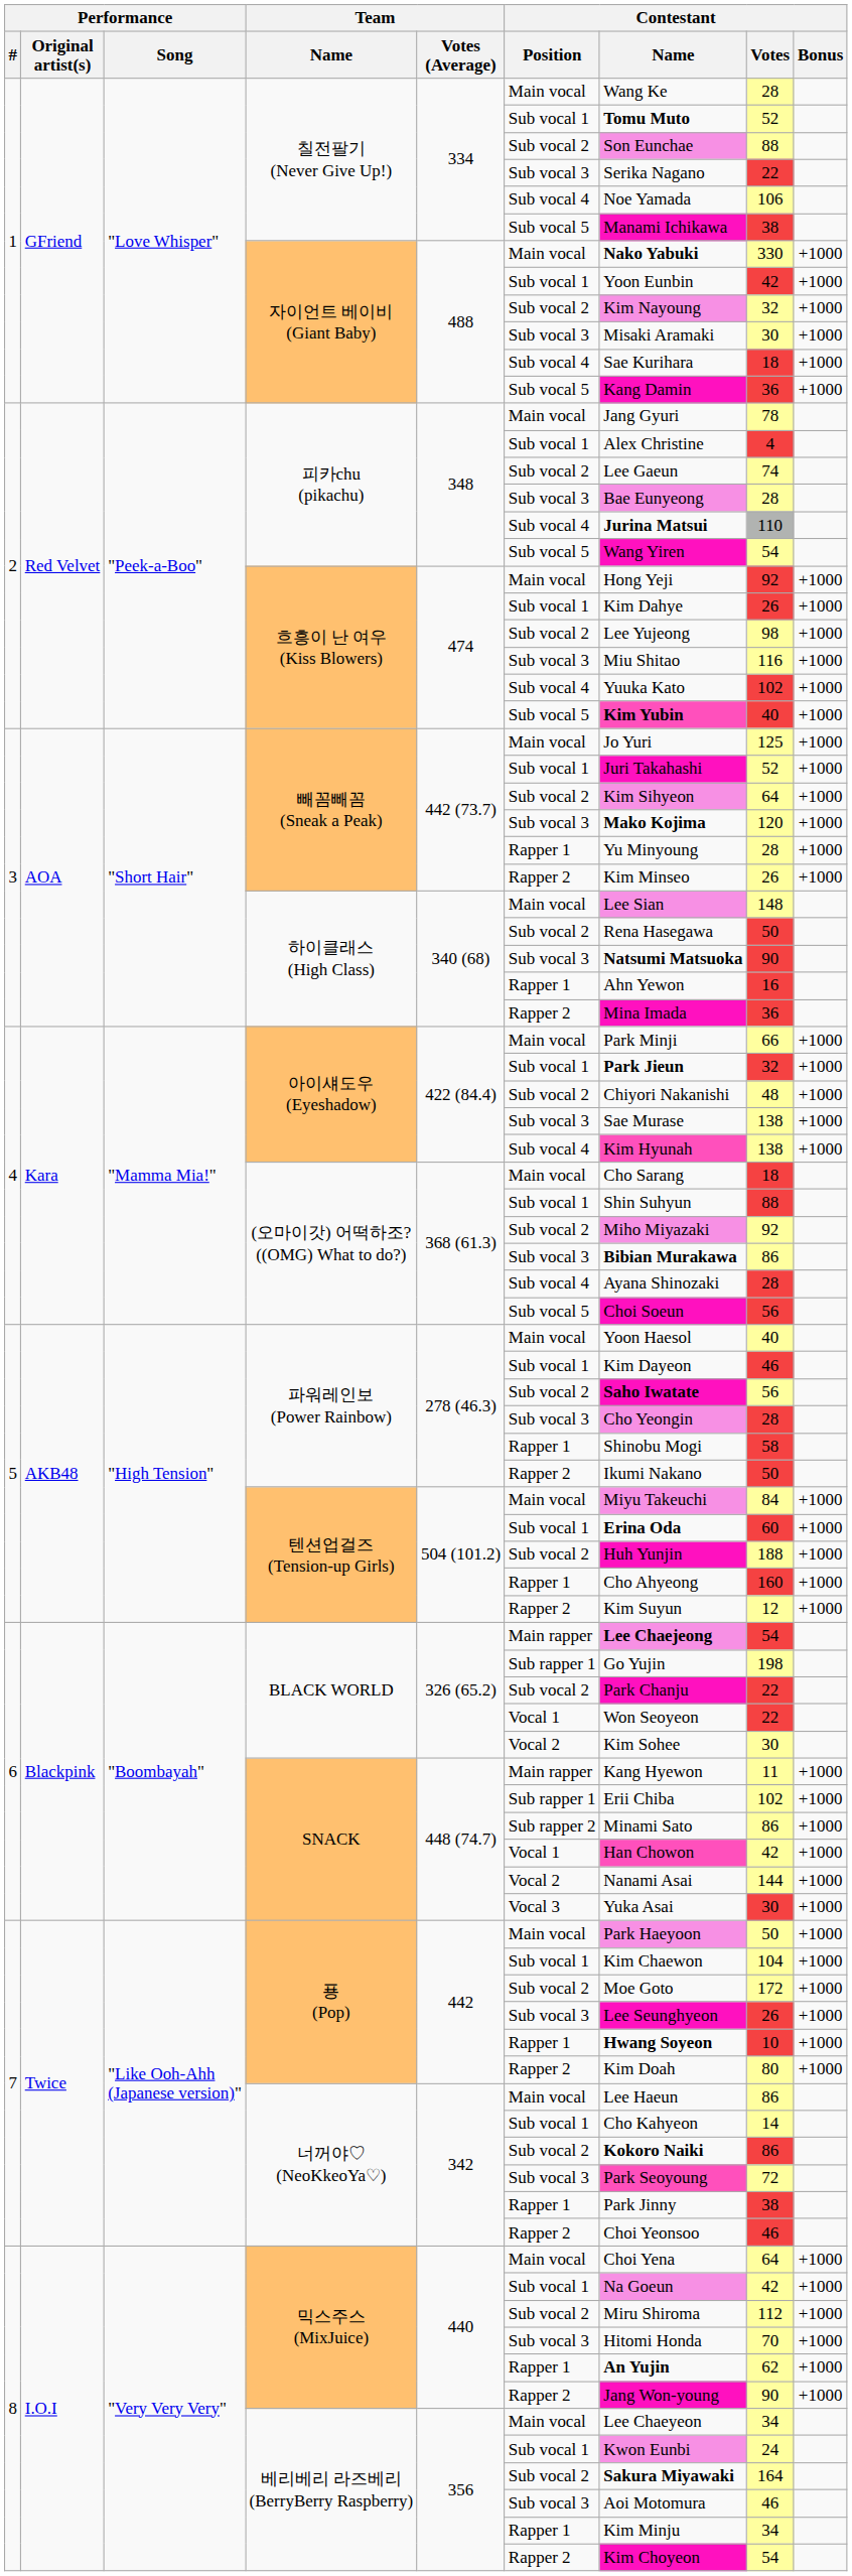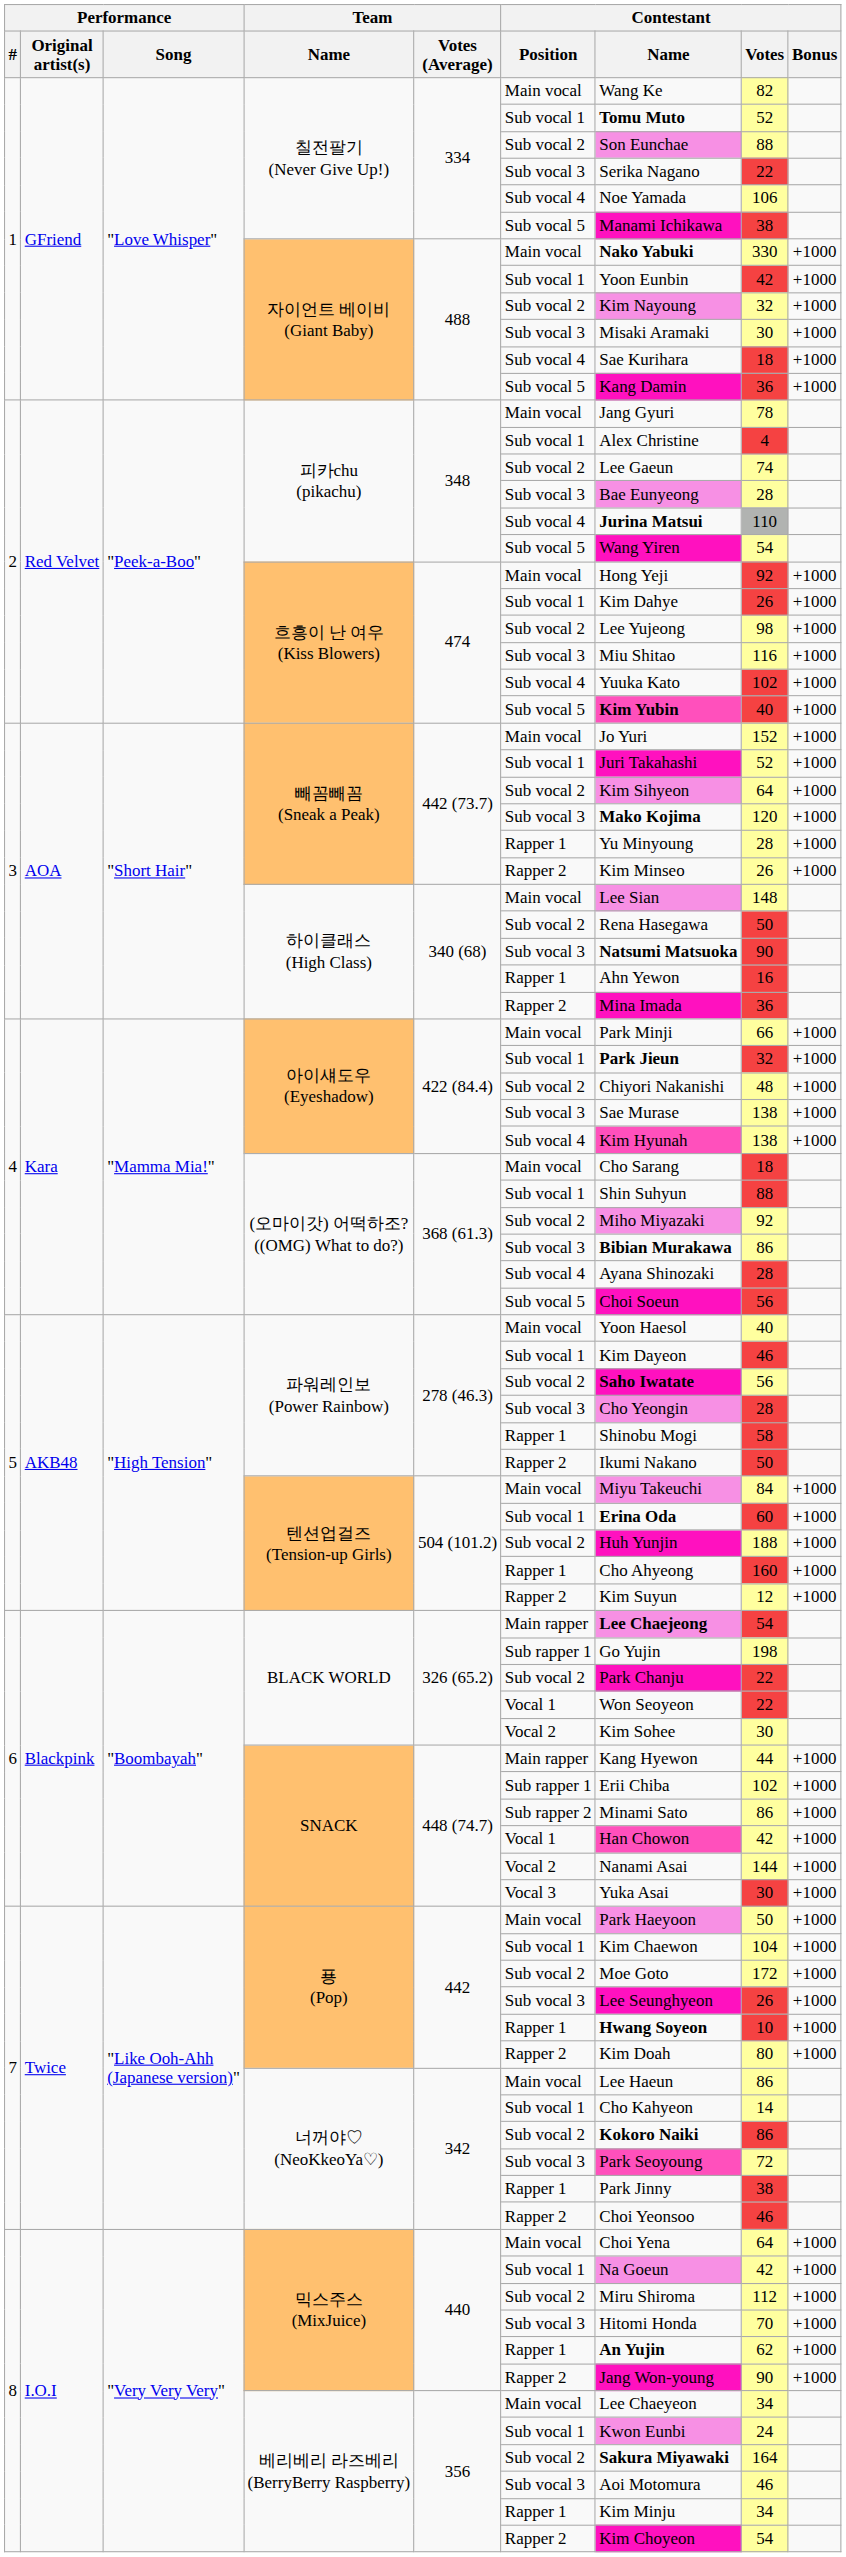 <table class="wikitable sortable" style="text-align:center;">
 <tr>
 <th colspan=3>Performance</th>
 <th colspan=2>Team</th>
 <th colspan=5>Contestant</th>
 </tr>
 <tr>
 <th>#</th>
 <th class=unsortable>Original<br>artist(s)</th>
 <th class=unsortable>Song</th>
 <th class=unsortable>Name</th>
 <th>Votes<br>(Average)</th>
 <th>Position</th>
 <th>Name</th>
 <th>Votes</th>
 <th>Bonus</th>
 </tr>
 <tr>
 <td rowspan=12>1</td>
 <td rowspan=12 align=left><a href='#'>GFriend</a></td>
 <td rowspan=12 align=left>"<a href='#'>Love Whisper</a>"</td>
 <td rowspan=6>칠전팔기<br>(Never Give Up!)</td>
 <td rowspan=6>334</td>
 <td align=left>Main vocal</td>
 <td align=left>Wang Ke</td>
-<td style="background:#FFFF9F">28</td>
+<td style="background:#FFFF9F">82</td>
 <td> </td>
 </tr>
 <tr>
 <td align=left>Sub vocal 1</td>
 <td align=left><strong>Tomu Muto</strong></td>
 <td style="background:#FFFF9F">52</td>
 <td> </td>
 </tr>
 <tr>
 <td align=left>Sub vocal 2</td>
 <td align=left style=background:#F790E4;>Son Eunchae</td>
 <td style="background:#FFFF9F">88</td>
 <td> </td>
 </tr>
 <tr>
 <td align=left>Sub vocal 3</td>
 <td align=left>Serika Nagano</td>
 <td style="background:#F54242">22</td>
 <td> </td>
 </tr>
 <tr>
 <td align=left>Sub vocal 4</td>
 <td align=left>Noe Yamada</td>
 <td style="background:#FFFF9F">106</td>
 <td> </td>
 </tr>
 <tr>
 <td align=left>Sub vocal 5</td>
 <td align=left style=background:#FF11BF;>Manami Ichikawa</td>
 <td style="background:#F54242">38</td>
 <td> </td>
 </tr>
 <tr>
 <td rowspan=6 style=background:#FFC06F;>자이언트 베이비<br>(Giant Baby)</td>
 <td rowspan=6>488</td>
 <td align=left>Main vocal</td>
 <td align=left><strong>Nako Yabuki</strong></td>
 <td style="background:#FFFF9F">330</td>
 <td>+1000</td>
 </tr>
 <tr>
 <td align=left>Sub vocal 1</td>
 <td align=left>Yoon Eunbin</td>
 <td style="background:#F54242">42</td>
 <td>+1000</td>
 </tr>
 <tr>
 <td align=left>Sub vocal 2</td>
 <td align=left style=background:#F790E4;>Kim Nayoung</td>
 <td style="background:#FFFF9F">32</td>
 <td>+1000</td>
 </tr>
 <tr>
 <td align=left>Sub vocal 3</td>
 <td align=left>Misaki Aramaki</td>
 <td style="background:#FFFF9F">30</td>
 <td>+1000</td>
 </tr>
 <tr>
 <td align=left>Sub vocal 4</td>
 <td align=left>Sae Kurihara</td>
 <td style="background:#F54242">18</td>
 <td>+1000</td>
 </tr>
 <tr>
 <td align=left>Sub vocal 5</td>
 <td align=left style=background:#FF11BF;>Kang Damin</td>
 <td style="background:#F54242">36</td>
 <td>+1000</td>
 </tr>
 <tr>
 <td rowspan=12>2</td>
 <td rowspan=12 align=left><a href='#'>Red Velvet</a></td>
 <td rowspan=12 align=left>"<a href='#'>Peek-a-Boo</a>"</td>
 <td rowspan=6>피카chu<br>(pikachu)</td>
 <td rowspan=6>348</td>
 <td align=left>Main vocal</td>
 <td align=left>Jang Gyuri</td>
 <td style="background:#FFFF9F">78</td>
 <td> </td>
 </tr>
 <tr>
 <td align=left>Sub vocal 1</td>
 <td align=left>Alex Christine</td>
 <td style="background:#F54242">4</td>
 <td> </td>
 </tr>
 <tr>
 <td align=left>Sub vocal 2</td>
 <td align=left>Lee Gaeun</td>
 <td style="background:#FFFF9F">74</td>
 <td> </td>
 </tr>
 <tr>
 <td align=left>Sub vocal 3</td>
 <td align=left style=background:#F790E4;>Bae Eunyeong</td>
 <td style="background:#FFFF9F">28</td>
 <td> </td>
 </tr>
 <tr>
 <td align=left>Sub vocal 4</td>
 <td align=left><strong>Jurina Matsui</strong></td>
 <td style="background:#B1B3B1">110</td>
 <td> </td>
 </tr>
 <tr>
 <td align=left>Sub vocal 5</td>
 <td align=left style=background:#FF11BF;>Wang Yiren</td>
 <td style="background:#FFFF9F">54</td>
 <td> </td>
 </tr>
 <tr>
 <td rowspan=6 style=background:#FFC06F;>흐흥이 난 여우<br>(Kiss Blowers)</td>
 <td rowspan=6>474</td>
 <td align=left>Main vocal</td>
 <td align=left>Hong Yeji</td>
 <td style="background:#F54242">92</td>
 <td>+1000</td>
 </tr>
 <tr>
 <td align=left>Sub vocal 1</td>
 <td align=left>Kim Dahye</td>
 <td style="background:#F54242">26</td>
 <td>+1000</td>
 </tr>
 <tr>
 <td align=left>Sub vocal 2</td>
 <td align=left>Lee Yujeong</td>
 <td style="background:#FFFF9F">98</td>
 <td>+1000</td>
 </tr>
 <tr>
 <td align=left>Sub vocal 3</td>
 <td align=left>Miu Shitao</td>
 <td style="background:#FFFF9F">116</td>
 <td>+1000</td>
 </tr>
 <tr>
 <td align=left>Sub vocal 4</td>
 <td align=left>Yuuka Kato</td>
 <td style="background:#F54242">102</td>
 <td>+1000</td>
 </tr>
 <tr>
 <td align=left>Sub vocal 5</td>
 <td align=left style=background:#FF50BC;><strong>Kim Yubin</strong></td>
 <td style="background:#F54242">40</td>
 <td>+1000</td>
 </tr>
 <tr>
 <td rowspan=11>3</td>
 <td rowspan=11 align=left><a href='#'>AOA</a></td>
 <td rowspan=11 align=left>"<a href='#'>Short Hair</a>"</td>
 <td rowspan=6 style=background:#FFC06F;>빼꼼빼꼼<br>(Sneak a Peak)</td>
 <td rowspan=6>442 (73.7)</td>
 <td align=left>Main vocal</td>
 <td align=left>Jo Yuri</td>
-<td style="background:#FFFF9F">125</td>
+<td style="background:#FFFF9F">152</td>
 <td>+1000</td>
 </tr>
 <tr>
 <td align=left>Sub vocal 1</td>
 <td align=left style=background:#FF11BF;>Juri Takahashi</td>
 <td style="background:#FFFF9F">52</td>
 <td>+1000</td>
 </tr>
 <tr>
 <td align=left>Sub vocal 2</td>
 <td align=left style=background:#F790E4;>Kim Sihyeon</td>
 <td style="background:#FFFF9F">64</td>
 <td>+1000</td>
 </tr>
 <tr>
 <td align=left>Sub vocal 3</td>
 <td align=left><strong>Mako Kojima</strong></td>
 <td style="background:#FFFF9F">120</td>
 <td>+1000</td>
 </tr>
 <tr>
 <td align=left>Rapper 1</td>
 <td align=left>Yu Minyoung</td>
 <td style="background:#FFFF9F">28</td>
 <td>+1000</td>
 </tr>
 <tr>
 <td align=left>Rapper 2</td>
 <td align=left>Kim Minseo</td>
 <td style="background:#FFFF9F">26</td>
 <td>+1000</td>
 </tr>
 <tr>
 <td rowspan=5>하이클래스<br>(High Class)</td>
 <td rowspan=5>340 (68)</td>
 <td align=left>Main vocal</td>
 <td align=left style=background:#F790E4;>Lee Sian</td>
 <td style="background:#FFFF9F">148</td>
 <td> </td>
 </tr>
 <tr>
 <td align=left>Sub vocal 2</td>
 <td align=left>Rena Hasegawa</td>
 <td style="background:#F54242">50</td>
 <td> </td>
 </tr>
 <tr>
 <td align=left>Sub vocal 3</td>
 <td align=left><strong>Natsumi Matsuoka</strong></td>
 <td style="background:#F54242">90</td>
 <td> </td>
 </tr>
 <tr>
 <td align=left>Rapper 1</td>
 <td align=left>Ahn Yewon</td>
 <td style="background:#F54242">16</td>
 <td> </td>
 </tr>
 <tr>
 <td align=left>Rapper 2</td>
 <td align=left style=background:#FF11BF;>Mina Imada</td>
 <td style="background:#F54242">36</td>
 <td> </td>
 </tr>
 <tr>
 <td rowspan=11>4</td>
 <td rowspan=11 align=left><a href='#'>Kara</a></td>
 <td rowspan=11 align=left>"<a href='#'>Mamma Mia!</a>"</td>
 <td rowspan=5 style=background:#FFC06F;>아이섀도우<br>(Eyeshadow)</td>
 <td rowspan=5>422 (84.4)</td>
 <td align=left>Main vocal</td>
 <td align=left>Park Minji</td>
 <td style="background:#FFFF9F">66</td>
 <td>+1000</td>
 </tr>
 <tr>
 <td align=left>Sub vocal 1</td>
 <td align=left><strong>Park Jieun</strong></td>
 <td style="background:#F54242">32</td>
 <td>+1000</td>
 </tr>
 <tr>
 <td align=left>Sub vocal 2</td>
 <td align=left>Chiyori Nakanishi</td>
 <td style="background:#FFFF9F">48</td>
 <td>+1000</td>
 </tr>
 <tr>
 <td align=left>Sub vocal 3</td>
 <td align=left>Sae Murase</td>
 <td style="background:#FFFF9F">138</td>
 <td>+1000</td>
 </tr>
 <tr>
 <td align=left>Sub vocal 4</td>
 <td align=left style=background:#FF50BC;>Kim Hyunah</td>
 <td style="background:#FFFF9F">138</td>
 <td>+1000</td>
 </tr>
 <tr>
 <td rowspan=6>(오마이갓) 어떡하조?<br>((OMG) What to do?)</td>
 <td rowspan=6>368 (61.3)</td>
 <td align=left>Main vocal</td>
 <td align=left>Cho Sarang</td>
 <td style="background:#F54242">18</td>
 <td> </td>
 </tr>
 <tr>
 <td align=left>Sub vocal 1</td>
 <td align=left>Shin Suhyun</td>
 <td style="background:#F54242">88</td>
 <td> </td>
 </tr>
 <tr>
 <td align=left>Sub vocal 2</td>
 <td align=left style=background:#F790E4;>Miho Miyazaki</td>
 <td style="background:#FFFF9F">92</td>
 <td> </td>
 </tr>
 <tr>
 <td align=left>Sub vocal 3</td>
 <td align=left><strong>Bibian Murakawa</strong></td>
 <td style="background:#FFFF9F">86</td>
 <td> </td>
 </tr>
 <tr>
 <td align=left>Sub vocal 4</td>
 <td align=left>Ayana Shinozaki</td>
 <td style="background:#F54242">28</td>
 <td> </td>
 </tr>
 <tr>
 <td align=left>Sub vocal 5</td>
 <td align=left style=background:#FF11BF;>Choi Soeun</td>
 <td style="background:#F54242">56</td>
 <td> </td>
 </tr>
 <tr>
 <td rowspan=11>5</td>
 <td rowspan=11 align=left><a href='#'>AKB48</a></td>
 <td rowspan=11 align=left>"<a href='#'>High Tension</a>"</td>
 <td rowspan=6>파워레인보<br>(Power Rainbow)</td>
 <td rowspan=6>278 (46.3)</td>
 <td align=left>Main vocal</td>
 <td align=left>Yoon Haesol</td>
 <td style="background:#FFFF9F">40</td>
 <td> </td>
 </tr>
 <tr>
 <td align=left>Sub vocal 1</td>
 <td align=left>Kim Dayeon</td>
 <td style="background:#F54242">46</td>
 <td> </td>
 </tr>
 <tr>
 <td align=left>Sub vocal 2</td>
 <td align=left style=background:#FF11BF;><strong>Saho Iwatate</strong></td>
 <td style="background:#FFFF9F">56</td>
 <td> </td>
 </tr>
 <tr>
 <td align=left>Sub vocal 3</td>
 <td align=left style=background:#F790E4;>Cho Yeongin</td>
 <td style="background:#F54242">28</td>
 <td> </td>
 </tr>
 <tr>
 <td align=left>Rapper 1</td>
 <td align=left>Shinobu Mogi</td>
 <td style="background:#F54242">58</td>
 <td> </td>
 </tr>
 <tr>
 <td align=left>Rapper 2</td>
 <td align=left>Ikumi Nakano</td>
 <td style="background:#F54242">50</td>
 <td> </td>
 </tr>
 <tr>
 <td rowspan=5 style=background:#FFC06F;>텐션업걸즈<br>(Tension-up Girls)</td>
 <td rowspan=5>504 (101.2)</td>
 <td align=left>Main vocal</td>
 <td align=left style=background:#F790E4;>Miyu Takeuchi</td>
 <td style="background:#FFFF9F">84</td>
 <td>+1000</td>
 </tr>
 <tr>
 <td align=left>Sub vocal 1</td>
 <td align=left><strong>Erina Oda</strong></td>
 <td style="background:#F54242">60</td>
 <td>+1000</td>
 </tr>
 <tr>
 <td align=left>Sub vocal 2</td>
 <td align=left style=background:#FF11BF;>Huh Yunjin</td>
 <td style="background:#FFFF9F">188</td>
 <td>+1000</td>
 </tr>
 <tr>
 <td align=left>Rapper 1</td>
 <td align=left>Cho Ahyeong</td>
 <td style="background:#F54242">160</td>
 <td>+1000</td>
 </tr>
 <tr>
 <td align=left>Rapper 2</td>
 <td align=left>Kim Suyun</td>
 <td style="background:#FFFF9F">12</td>
 <td>+1000</td>
 </tr>
 <tr>
 <td rowspan=11>6</td>
 <td rowspan=11 align=left><a href='#'>Blackpink</a></td>
 <td rowspan=11 align=left>"<a href='#'>Boombayah</a>"</td>
 <td rowspan=5>BLACK WORLD</td>
 <td rowspan=5>326 (65.2)</td>
 <td align=left>Main rapper</td>
 <td align=left style=background:#F790E4;><strong>Lee Chaejeong</strong></td>
 <td style="background:#F54242">54</td>
 <td> </td>
 </tr>
 <tr>
 <td align=left>Sub rapper 1</td>
 <td align=left>Go Yujin</td>
 <td style="background:#FFFF9F">198</td>
 <td> </td>
 </tr>
 <tr>
 <td align=left>Sub vocal 2</td>
 <td align=left style=background:#FF11BF;>Park Chanju</td>
 <td style="background:#F54242">22</td>
 <td> </td>
 </tr>
 <tr>
 <td align=left>Vocal 1</td>
 <td align=left>Won Seoyeon</td>
 <td style="background:#F54242">22</td>
 <td> </td>
 </tr>
 <tr>
 <td align=left>Vocal 2</td>
 <td align=left>Kim Sohee</td>
 <td style="background:#FFFF9F">30</td>
 <td> </td>
 </tr>
 <tr>
 <td rowspan=6 style=background:#FFC06F;>SNACK</td>
 <td rowspan=6>448 (74.7)</td>
 <td align=left>Main rapper</td>
 <td align=left>Kang Hyewon</td>
-<td style="background:#FFFF9F">11</td>
+<td style="background:#FFFF9F">44</td>
 <td>+1000</td>
 </tr>
 <tr>
 <td align=left>Sub rapper 1</td>
 <td align=left>Erii Chiba</td>
 <td style="background:#FFFF9F">102</td>
 <td>+1000</td>
 </tr>
 <tr>
 <td align=left>Sub rapper 2</td>
 <td align=left>Minami Sato</td>
 <td style="background:#FFFF9F">86</td>
 <td>+1000</td>
 </tr>
 <tr>
 <td align=left>Vocal 1</td>
 <td align=left style=background:#FF50BC;>Han Chowon</td>
 <td style="background:#FFFF9F">42</td>
 <td>+1000</td>
 </tr>
 <tr>
 <td align=left>Vocal 2</td>
 <td align=left>Nanami Asai</td>
 <td style="background:#FFFF9F">144</td>
 <td>+1000</td>
 </tr>
 <tr>
 <td align=left>Vocal 3</td>
 <td align=left>Yuka Asai</td>
 <td style="background:#F54242">30</td>
 <td>+1000</td>
 </tr>
 <tr>
 <td rowspan=12>7</td>
 <td rowspan=12 align=left><a href='#'>Twice</a></td>
 <td rowspan=12 align=left>"<a href='#'>Like Ooh-Ahh<br>(Japanese version)</a>"</td>
 <td rowspan=6 style=background:#FFC06F;>푱<br>(Pop)</td>
 <td rowspan=6>442</td>
 <td align=left>Main vocal</td>
 <td align=left style=background:#F790E4;>Park Haeyoon</td>
 <td style="background:#FFFF9F">50</td>
 <td>+1000</td>
 </tr>
 <tr>
 <td align=left>Sub vocal 1</td>
 <td align=left>Kim Chaewon</td>
 <td style="background:#FFFF9F">104</td>
 <td>+1000</td>
 </tr>
 <tr>
 <td align=left>Sub vocal 2</td>
 <td align=left>Moe Goto</td>
 <td style="background:#FFFF9F">172</td>
 <td>+1000</td>
 </tr>
 <tr>
 <td align=left>Sub vocal 3</td>
 <td align=left style=background:#FF11BF;>Lee Seunghyeon</td>
 <td style="background:#F54242">26</td>
 <td>+1000</td>
 </tr>
 <tr>
 <td align=left>Rapper 1</td>
 <td align=left><strong>Hwang Soyeon</strong></td>
 <td style="background:#F54242">10</td>
 <td>+1000</td>
 </tr>
 <tr>
 <td align=left>Rapper 2</td>
 <td align=left>Kim Doah</td>
 <td style="background:#FFFF9F">80</td>
 <td>+1000</td>
 </tr>
 <tr>
 <td rowspan=6>너꺼야♡<br>(NeoKkeoYa♡)</td>
 <td rowspan=6>342</td>
 <td align=left>Main vocal</td>
 <td align=left>Lee Haeun</td>
 <td style="background:#FFFF9F">86</td>
 <td> </td>
 </tr>
 <tr>
 <td align=left>Sub vocal 1</td>
 <td align=left>Cho Kahyeon</td>
 <td style="background:#FFFF9F">14</td>
 <td> </td>
 </tr>
 <tr>
 <td align=left>Sub vocal 2</td>
 <td align=left><strong>Kokoro Naiki</strong></td>
 <td style="background:#F54242">86</td>
 <td> </td>
 </tr>
 <tr>
 <td align=left>Sub vocal 3</td>
 <td align=left style=background:#FF50BC;>Park Seoyoung</td>
 <td style="background:#FFFF9F">72</td>
 <td> </td>
 </tr>
 <tr>
 <td align=left>Rapper 1</td>
 <td align=left>Park Jinny</td>
 <td style="background:#F54242">38</td>
 <td> </td>
 </tr>
 <tr>
 <td align=left>Rapper 2</td>
 <td align=left>Choi Yeonsoo</td>
 <td style="background:#F54242">46</td>
 <td> </td>
 </tr>
 <tr>
 <td rowspan=12>8</td>
 <td rowspan=12 align=left><a href='#'>I.O.I</a></td>
 <td rowspan=12 align=left>"<a href='#'>Very Very Very</a>"</td>
 <td rowspan=6 style=background:#FFC06F;>믹스주스<br>(MixJuice)</td>
 <td rowspan=6>440</td>
 <td align=left>Main vocal</td>
 <td align=left>Choi Yena</td>
 <td style="background:#FFFF9F">64</td>
 <td>+1000</td>
 </tr>
 <tr>
 <td align=left>Sub vocal 1</td>
 <td align=left style=background:#F790E4;>Na Goeun</td>
 <td style="background:#FFFF9F">42</td>
 <td>+1000</td>
 </tr>
 <tr>
 <td align=left>Sub vocal 2</td>
 <td align=left>Miru Shiroma</td>
 <td style="background:#FFFF9F">112</td>
 <td>+1000</td>
 </tr>
 <tr>
 <td align=left>Sub vocal 3</td>
 <td align=left>Hitomi Honda</td>
 <td style="background:#FFFF9F">70</td>
 <td>+1000</td>
 </tr>
 <tr>
 <td align=left>Rapper 1</td>
 <td align=left><strong>An Yujin</strong></td>
 <td style="background:#FFFF9F">62</td>
 <td>+1000</td>
 </tr>
 <tr>
 <td align=left>Rapper 2</td>
 <td align=left style=background:#FF11BF;>Jang Won-young</td>
 <td style="background:#FFFF9F">90</td>
 <td>+1000</td>
 </tr>
 <tr>
 <td rowspan=6>베리베리 라즈베리<br>(BerryBerry Raspberry)</td>
 <td rowspan=6>356</td>
 <td align=left>Main vocal</td>
 <td align=left>Lee Chaeyeon</td>
 <td style="background:#FFFF9F">34</td>
 <td> </td>
 </tr>
 <tr>
 <td align=left>Sub vocal 1</td>
 <td align=left style=background:#F790E4;>Kwon Eunbi</td>
 <td style="background:#FFFF9F">24</td>
 <td> </td>
 </tr>
 <tr>
 <td align=left>Sub vocal 2</td>
 <td align=left><strong>Sakura Miyawaki</strong></td>
 <td style="background:#FFFF9F">164</td>
 <td> </td>
 </tr>
 <tr>
 <td align=left>Sub vocal 3</td>
 <td align=left>Aoi Motomura</td>
 <td style="background:#FFFF9F">46</td>
 <td> </td>
 </tr>
 <tr>
 <td align=left>Rapper 1</td>
 <td align=left>Kim Minju</td>
 <td style="background:#FFFF9F">34</td>
 <td> </td>
 </tr>
 <tr>
 <td align=left>Rapper 2</td>
 <td align=left style=background:#FF11BF;>Kim Choyeon</td>
 <td style="background:#FFFF9F">54</td>
 <td> </td>
 </tr>
 </table>
